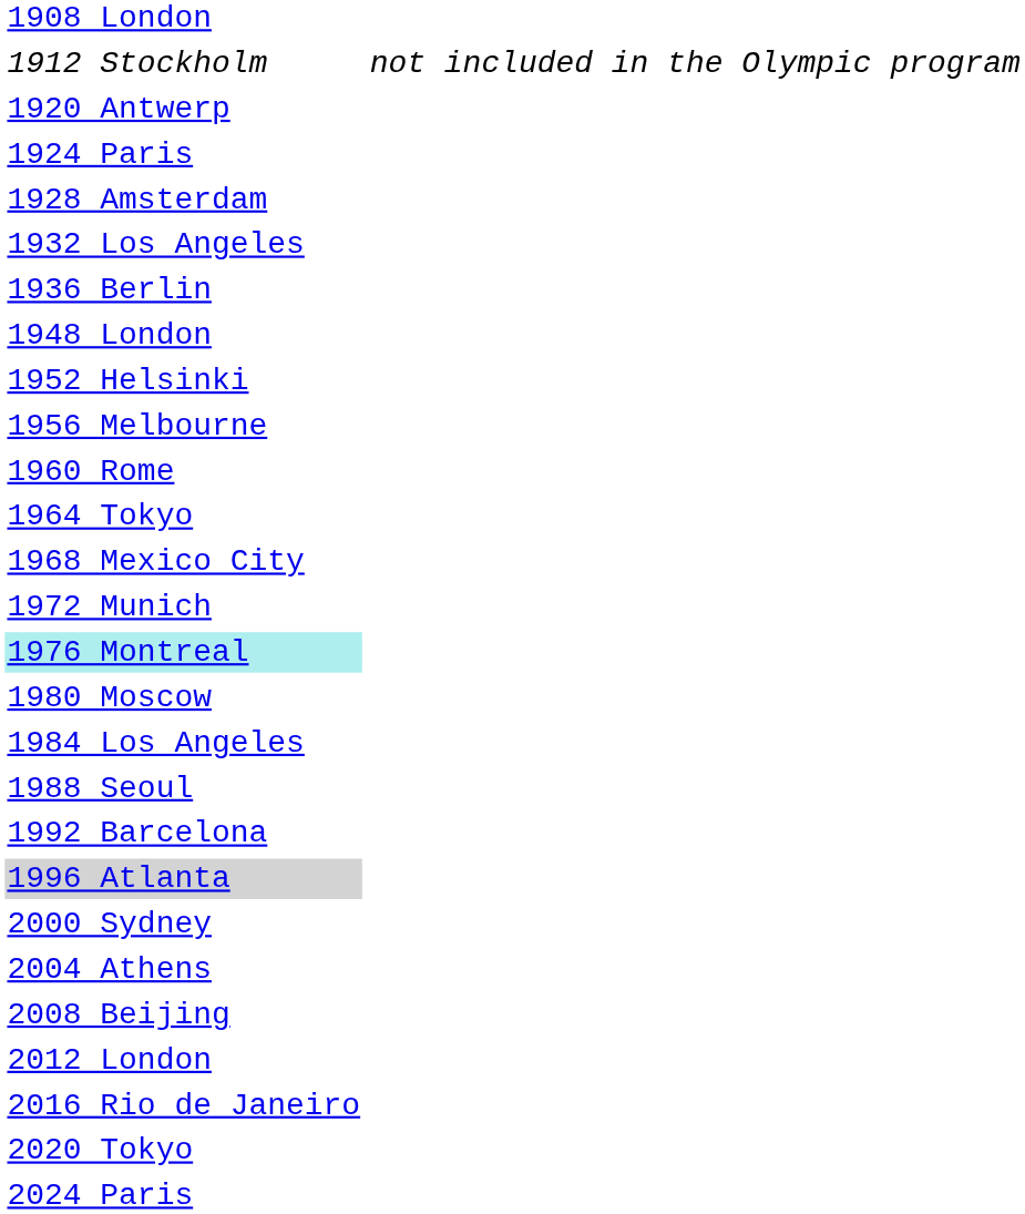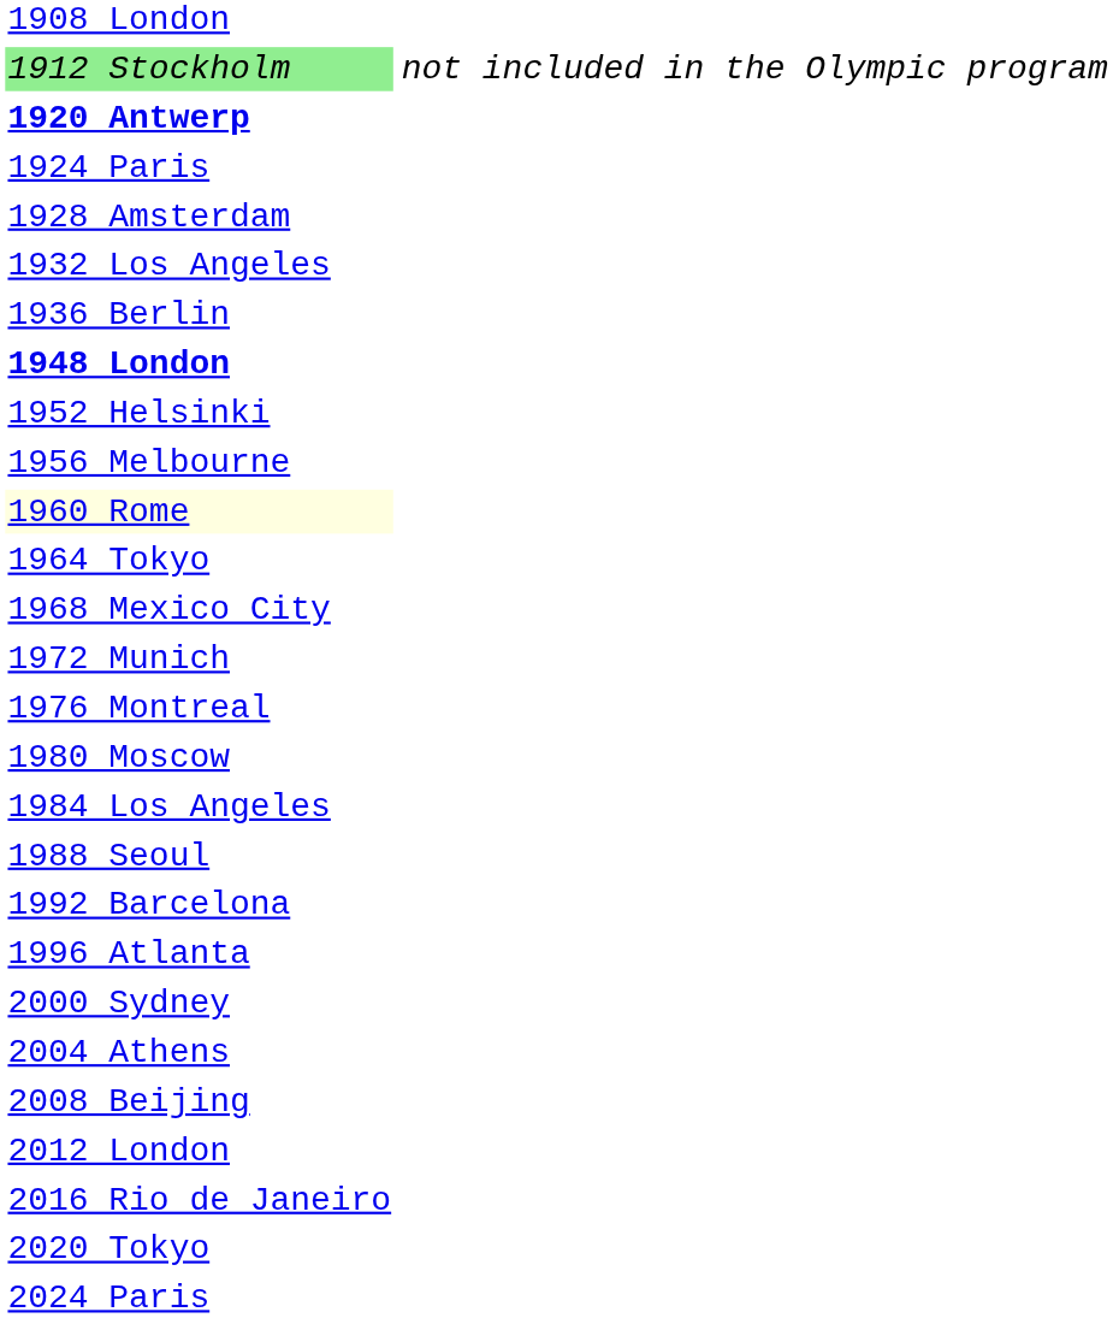 <table>
 <tr>
 <td><a href='#'>1908 London</a><br></td>
 <td></td>
 <td></td>
 <td></td>
 </tr>
 <tr>
-<td><em>1912 Stockholm</em></td>
+<td style="background: lightgreen;"><em>1912 Stockholm</em></td>
 <td colspan="3" align="center"><em>not included in the Olympic program</em></td>
 </tr>
 <tr>
-<td><a href='#'>1920 Antwerp</a><br></td>
+<td><strong><a href='#'>1920 Antwerp</a><br></strong></td>
 <td></td>
 <td></td>
 <td></td>
 </tr>
 <tr>
 <td><a href='#'>1924 Paris</a><br></td>
 <td></td>
 <td></td>
 <td></td>
 </tr>
 <tr>
 <td><a href='#'>1928 Amsterdam</a><br></td>
 <td></td>
 <td></td>
 <td></td>
 </tr>
 <tr>
 <td><a href='#'>1932 Los Angeles</a><br></td>
 <td></td>
 <td></td>
 <td></td>
 </tr>
 <tr>
 <td><a href='#'>1936 Berlin</a><br></td>
 <td></td>
 <td></td>
 <td></td>
 </tr>
 <tr>
-<td><a href='#'>1948 London</a><br></td>
+<td><strong><a href='#'>1948 London</a><br></strong></td>
 <td></td>
 <td></td>
 <td></td>
 </tr>
 <tr>
 <td><a href='#'>1952 Helsinki</a><br></td>
 <td></td>
 <td></td>
 <td></td>
 </tr>
 <tr>
 <td><a href='#'>1956 Melbourne</a><br></td>
 <td></td>
 <td></td>
 <td></td>
 </tr>
 <tr>
-<td><a href='#'>1960 Rome</a><br></td>
+<td style="background: lightyellow;"><a href='#'>1960 Rome</a><br></td>
 <td></td>
 <td></td>
 <td></td>
 </tr>
 <tr>
 <td><a href='#'>1964 Tokyo</a><br></td>
 <td></td>
 <td></td>
 <td></td>
 </tr>
 <tr>
 <td><a href='#'>1968 Mexico City</a><br></td>
 <td></td>
 <td></td>
 <td></td>
 </tr>
 <tr>
 <td><a href='#'>1972 Munich</a><br></td>
 <td></td>
 <td></td>
 <td></td>
 </tr>
 <tr>
-<td style="background: paleturquoise;"><a href='#'>1976 Montreal</a><br></td>
+<td><a href='#'>1976 Montreal</a><br></td>
 <td></td>
 <td></td>
 <td></td>
 </tr>
 <tr>
 <td><a href='#'>1980 Moscow</a><br></td>
 <td></td>
 <td></td>
 <td></td>
 </tr>
 <tr>
 <td><a href='#'>1984 Los Angeles</a><br></td>
 <td></td>
 <td></td>
 <td></td>
 </tr>
 <tr>
 <td><a href='#'>1988 Seoul</a><br></td>
 <td></td>
 <td></td>
 <td></td>
 </tr>
 <tr>
 <td><a href='#'>1992 Barcelona</a><br></td>
 <td></td>
 <td></td>
 <td></td>
 </tr>
 <tr>
-<td style="background: lightgrey;"><a href='#'>1996 Atlanta</a><br></td>
+<td><a href='#'>1996 Atlanta</a><br></td>
 <td></td>
 <td></td>
 <td></td>
 </tr>
 <tr>
 <td><a href='#'>2000 Sydney</a><br></td>
 <td></td>
 <td></td>
 <td></td>
 </tr>
 <tr>
 <td><a href='#'>2004 Athens</a><br></td>
 <td></td>
 <td></td>
 <td></td>
 </tr>
 <tr>
 <td rowspan="2"><a href='#'>2008 Beijing</a><br></td>
 <td rowspan="2"></td>
 <td rowspan="2"></td>
 <td></td>
 </tr>
 <tr>
 <td></td>
 </tr>
 <tr>
 <td rowspan="2"><a href='#'>2012 London</a><br></td>
 <td rowspan="2"></td>
 <td rowspan="2"></td>
 <td></td>
 </tr>
 <tr>
 <td></td>
 </tr>
 <tr>
 <td rowspan="2"><a href='#'>2016 Rio de Janeiro</a><br></td>
 <td rowspan="2"></td>
 <td rowspan="2"></td>
 <td></td>
 </tr>
 <tr>
 <td></td>
 </tr>
 <tr>
 <td rowspan="2"><a href='#'>2020 Tokyo</a><br></td>
 <td rowspan="2"></td>
 <td rowspan="2"></td>
 <td></td>
 </tr>
 <tr>
 <td></td>
 </tr>
 <tr>
 <td rowspan="2"><a href='#'>2024 Paris</a> <br></td>
 <td rowspan=2></td>
 <td rowspan=2></td>
 <td></td>
 </tr>
 <tr>
 <td></td>
 </tr>
 </table>
